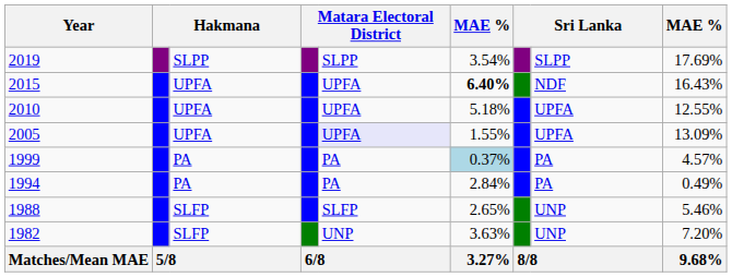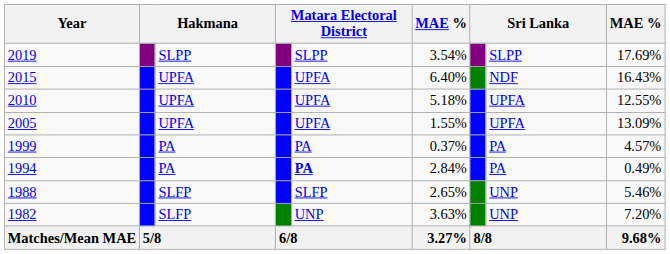 <table class="wikitable">
 <tr>
 <th>Year</th>
 <th colspan="2" width="144px">Hakmana</th>
 <th colspan="2" width="144px"><a href='#'>Matara Electoral District</a></th>
 <th><a href='#'>MAE</a> %</th>
 <th colspan="2" width="144px">Sri Lanka</th>
 <th>MAE %</th>
 </tr>
 <tr>
 <td><a href='#'>2019</a></td>
 <td style="background-color:purple;" width="10px"></td>
 <td style="text-align:left;"><a href='#'>SLPP</a></td>
 <td style="background-color:purple;" width="10px"></td>
 <td style="text-align:left;"><a href='#'>SLPP</a></td>
 <td style="text-align:right;">3.54%</td>
 <td style="background-color:purple;" width="10px"></td>
 <td style="text-align:left;"><a href='#'>SLPP</a></td>
 <td style="text-align:right;">17.69%</td>
 </tr>
 <tr>
 <td><a href='#'>2015</a></td>
 <td style="background-color:blue;" width="10px"></td>
 <td style="text-align:left;"><a href='#'>UPFA</a></td>
 <td style="background-color:blue;" width="10px"></td>
 <td style="text-align:left;"><a href='#'>UPFA</a></td>
-<td style="text-align:right;"><strong>6.40%</strong></td>
+<td style="text-align:right;">6.40%</td>
 <td style="background-color:green;" width="10px"></td>
 <td style="text-align:left;"><a href='#'>NDF</a></td>
 <td style="text-align:right;">16.43%</td>
 </tr>
 <tr>
 <td><a href='#'>2010</a></td>
 <td style="background-color:blue;" width="10px"></td>
 <td style="text-align:left;"><a href='#'>UPFA</a></td>
 <td style="background-color:blue;" width="10px"></td>
 <td style="text-align:left;"><a href='#'>UPFA</a></td>
 <td style="text-align:right;">5.18%</td>
 <td style="background-color:blue;" width="10px"></td>
 <td style="text-align:left;"><a href='#'>UPFA</a></td>
 <td style="text-align:right;">12.55%</td>
 </tr>
 <tr>
 <td><a href='#'>2005</a></td>
 <td style="background-color:blue;" width="10px"></td>
 <td style="text-align:left;"><a href='#'>UPFA</a></td>
 <td style="background-color:blue;" width="10px"></td>
-<td style="background: lavender; text-align:left;"><a href='#'>UPFA</a></td>
+<td style="text-align:left;"><a href='#'>UPFA</a></td>
 <td style="text-align:right;">1.55%</td>
 <td style="background-color:blue;" width="10px"></td>
 <td style="text-align:left;"><a href='#'>UPFA</a></td>
 <td style="text-align:right;">13.09%</td>
 </tr>
 <tr>
 <td><a href='#'>1999</a></td>
 <td style="background-color:blue;" width="10px"></td>
 <td style="text-align:left;"><a href='#'>PA</a></td>
 <td style="background-color:blue;" width="10px"></td>
 <td style="text-align:left;"><a href='#'>PA</a></td>
-<td style="background: lightblue; text-align:right;">0.37%</td>
+<td style="text-align:right;">0.37%</td>
 <td style="background-color:blue;" width="10px"></td>
 <td style="text-align:left;"><a href='#'>PA</a></td>
 <td style="text-align:right;">4.57%</td>
 </tr>
 <tr>
 <td><a href='#'>1994</a></td>
 <td style="background-color:blue;" width="10px"></td>
 <td style="text-align:left;"><a href='#'>PA</a></td>
 <td style="background-color:blue;" width="10px"></td>
-<td style="text-align:left;"><a href='#'>PA</a></td>
+<td style="text-align:left;"><strong><a href='#'>PA</a></strong></td>
 <td style="text-align:right;">2.84%</td>
 <td style="background-color:blue;" width="10px"></td>
 <td style="text-align:left;"><a href='#'>PA</a></td>
 <td style="text-align:right;">0.49%</td>
 </tr>
 <tr>
 <td><a href='#'>1988</a></td>
 <td style="background-color:blue;" width="10px"></td>
 <td style="text-align:left;"><a href='#'>SLFP</a></td>
 <td style="background-color:blue;" width="10px"></td>
 <td style="text-align:left;"><a href='#'>SLFP</a></td>
 <td style="text-align:right;">2.65%</td>
 <td style="background-color:green;" width="10px"></td>
 <td style="text-align:left;"><a href='#'>UNP</a></td>
 <td style="text-align:right;">5.46%</td>
 </tr>
 <tr>
 <td><a href='#'>1982</a></td>
 <td style="background-color:blue;" width="10px"></td>
 <td style="text-align:left;"><a href='#'>SLFP</a></td>
 <td style="background-color:green;" width="10px"></td>
 <td style="text-align:left;"><a href='#'>UNP</a></td>
 <td style="text-align:right;">3.63%</td>
 <td style="background-color:green;" width="10px"></td>
 <td style="text-align:left;"><a href='#'>UNP</a></td>
 <td style="text-align:right;">7.20%</td>
 </tr>
 <tr>
 <th>Matches/Mean MAE</th>
 <th style="text-align:left;"colspan="2" width="144px">5/8</th>
 <th style="text-align:left;"colspan="2" width="144px">6/8</th>
 <th style="text-align:right;">3.27%</th>
 <th style="text-align:left;"colspan="2" width="144px">8/8</th>
 <th style="text-align:right;">9.68%</th>
 </tr>
 </table>
